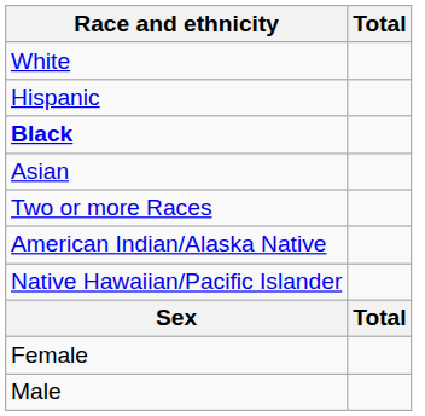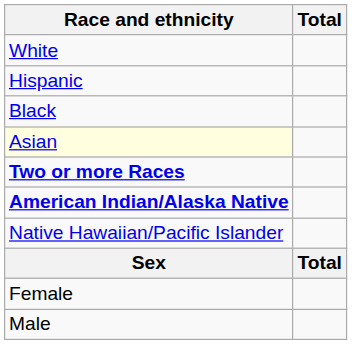 <table class="wikitable floatright sortable collapsible"; text-align:right; font-size:80%;">
 <tr>
 <th>Race and ethnicity</th>
 <th colspan="2" data-sort-type=number>Total</th>
 </tr>
 <tr>
 <td><a href='#'>White</a></td>
 <td align=right></td>
 </tr>
 <tr>
 <td><a href='#'>Hispanic</a></td>
 <td align=right></td>
 </tr>
 <tr>
-<td><strong><a href='#'>Black</a></strong></td>
+<td><a href='#'>Black</a></td>
 <td align=right></td>
 </tr>
 <tr>
-<td><a href='#'>Asian</a></td>
+<td style="background: lightyellow;"><a href='#'>Asian</a></td>
 <td align=right></td>
 </tr>
 <tr>
-<td><a href='#'>Two or more Races</a></td>
+<td><strong><a href='#'>Two or more Races</a></strong></td>
 <td align=right></td>
 </tr>
 <tr>
-<td><a href='#'>American Indian/Alaska Native</a></td>
+<td><strong><a href='#'>American Indian/Alaska Native</a></strong></td>
 <td align=right></td>
 </tr>
 <tr>
 <td><a href='#'>Native Hawaiian/Pacific Islander</a></td>
 <td align=right></td>
 </tr>
 <tr>
 <th>Sex</th>
 <th colspan="2" data-sort-type=number>Total</th>
 </tr>
 <tr>
 <td>Female</td>
 <td align=right></td>
 </tr>
 <tr>
 <td>Male</td>
 <td align=right></td>
 </tr>
 </table>
